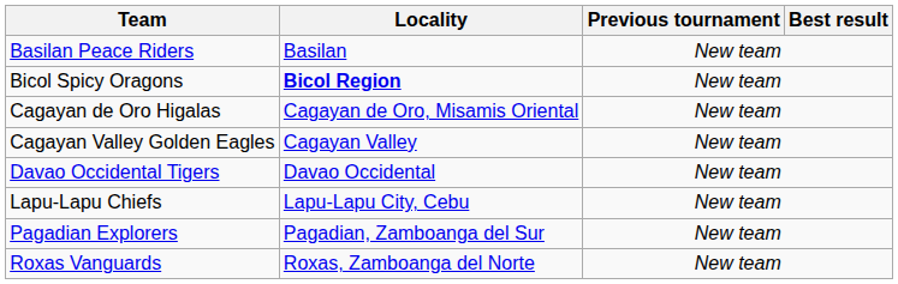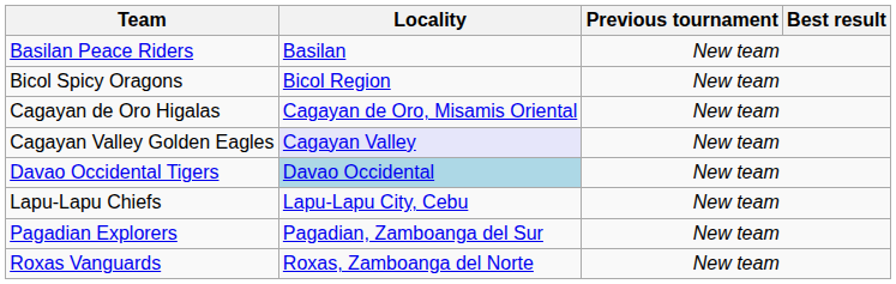 <table class="wikitable">
 <tr>
 <th>Team</th>
 <th>Locality</th>
 <th>Previous tournament</th>
 <th>Best result</th>
 </tr>
 <tr>
 <td><a href='#'>Basilan Peace Riders</a></td>
 <td><a href='#'>Basilan</a></td>
 <td align="center" colspan=2><em>New team</em></td>
 </tr>
 <tr>
 <td>Bicol Spicy Oragons</td>
-<td><strong><a href='#'>Bicol Region</a></strong></td>
+<td><a href='#'>Bicol Region</a></td>
 <td align="center" colspan=2><em>New team</em></td>
 </tr>
 <tr>
 <td>Cagayan de Oro Higalas</td>
 <td><a href='#'>Cagayan de Oro, Misamis Oriental</a></td>
 <td align="center" colspan=2><em>New team</em></td>
 </tr>
 <tr>
 <td>Cagayan Valley Golden Eagles</td>
-<td><a href='#'>Cagayan Valley</a></td>
+<td style="background: lavender;"><a href='#'>Cagayan Valley</a></td>
 <td align="center" colspan=2><em>New team</em></td>
 </tr>
 <tr>
 <td><a href='#'>Davao Occidental Tigers</a></td>
-<td><a href='#'>Davao Occidental</a></td>
+<td style="background: lightblue;"><a href='#'>Davao Occidental</a></td>
 <td align="center" colspan=2><em>New team</em></td>
 </tr>
 <tr>
 <td>Lapu-Lapu Chiefs</td>
 <td><a href='#'>Lapu-Lapu City, Cebu</a></td>
 <td align="center" colspan=2><em>New team</em></td>
 </tr>
 <tr>
 <td><a href='#'>Pagadian Explorers</a></td>
 <td><a href='#'>Pagadian, Zamboanga del Sur</a></td>
 <td align="center" colspan=2><em>New team</em></td>
 </tr>
 <tr>
 <td><a href='#'>Roxas Vanguards</a></td>
 <td><a href='#'>Roxas, Zamboanga del Norte</a></td>
 <td align="center" colspan=2><em>New team</em></td>
 </tr>
 </table>
